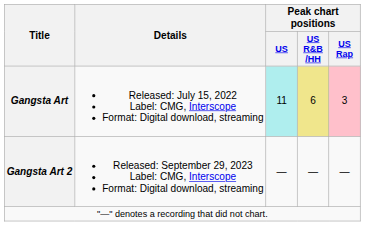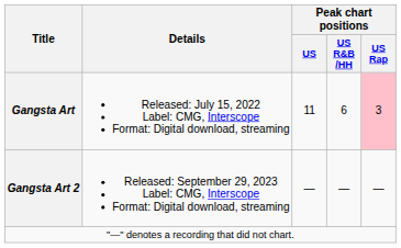 <table class="wikitable plainrowheaders" style="text-align:center">
 <tr>
 <th scope="col" rowspan="2">Title</th>
 <th scope="col" rowspan="2">Details</th>
 <th scope="col" colspan="3">Peak chart positions</th>
 </tr>
 <tr>
 <th scope="col" style="width:3em;font-size:90%;"><a href='#'>US</a></th>
 <th scope="col" style="width:3em;font-size:90%;"><a href='#'>US<br>R&B<br>/HH</a></th>
 <th scope="col" style="width:3em;font-size:90%;"><a href='#'>US<br>Rap</a></th>
 </tr>
 <tr>
 <th scope="row"><em>Gangsta Art</em><br></th>
 <td><br><ul><li>Released: July 15, 2022</li><li>Label: CMG, <a href='#'>Interscope</a></li><li>Format: Digital download, streaming</li></ul></td>
-<td style="background: paleturquoise;">11<br></td>
-<td style="background: khaki;">6<br></td>
+<td>11<br></td>
+<td>6<br></td>
 <td style="background: pink;">3<br></td>
 </tr>
 <tr>
 <th scope="row"><em>Gangsta Art 2</em><br></th>
 <td><br><ul><li>Released: September 29, 2023 </li><li>Label: CMG, <a href='#'>Interscope</a></li><li>Format: Digital download, streaming</li></ul></td>
 <td>—</td>
 <td>—</td>
 <td>—</td>
 </tr>
 <tr>
 <td colspan="6" style="font-size:90%">"—" denotes a recording that did not chart.</td>
 </tr>
 </table>
